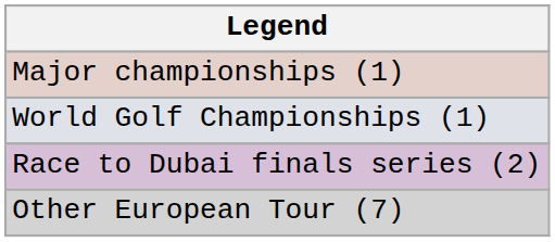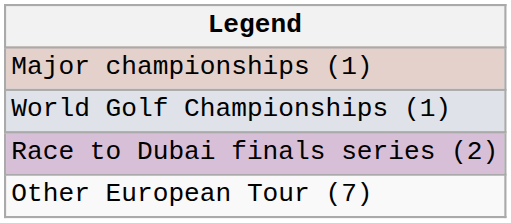 <table class="wikitable" style="font-size:95%;">
 <tr>
 <th>Legend</th>
 </tr>
 <tr style="background:#e5d1cb;">
 <td>Major championships (1)</td>
 </tr>
 <tr style="background:#dfe2e9;">
 <td>World Golf Championships (1)</td>
 </tr>
 <tr style="background:thistle;">
 <td>Race to Dubai finals series (2)</td>
 </tr>
 <tr>
-<td style="background: lightgrey;">Other European Tour (7)</td>
+<td>Other European Tour (7)</td>
 </tr>
 </table>
